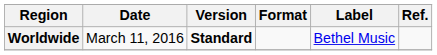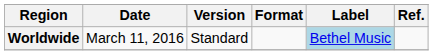 <table class="wikitable plainrowheaders">
 <tr>
 </tr>
 <tr>
 <th scope="col">Region</th>
 <th scope="col">Date</th>
 <th scope="col">Version</th>
 <th scope="col">Format</th>
 <th scope="col">Label</th>
 <th scope="col">Ref.</th>
 </tr>
 <tr>
 <th scope="row">Worldwide</th>
 <td>March 11, 2016</td>
-<td><strong>Standard</strong></td>
+<td>Standard</td>
 <td></td>
-<td><a href='#'>Bethel Music</a></td>
+<td style="background: lightblue;"><a href='#'>Bethel Music</a></td>
 <td></td>
 </tr>
 <tr>
 </tr>
 </table>
